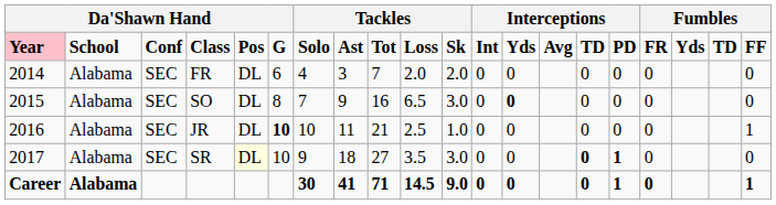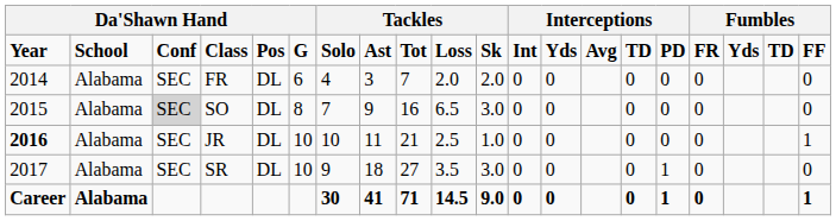 <table class="wikitable">
 <tr>
 <th colspan="6" style="text-align: center; font-weight:bold;">Da'Shawn Hand</th>
 <th colspan="5" style="font-weight:bold;">Tackles</th>
 <th colspan="5" style="font-weight:bold;">Interceptions</th>
 <th colspan="4" style="font-weight:bold;">Fumbles</th>
 </tr>
 <tr>
-<td style="background: pink; font-weight:bold;">Year</td>
+<td style="font-weight:bold;">Year</td>
 <td style="font-weight:bold;">School</td>
 <td style="font-weight:bold;">Conf</td>
 <td style="font-weight:bold;">Class</td>
 <td style="font-weight:bold;">Pos</td>
 <td style="font-weight:bold;">G</td>
 <td style="font-weight:bold;">Solo</td>
 <td style="font-weight:bold;">Ast</td>
 <td style="font-weight:bold;">Tot</td>
 <td style="font-weight:bold;">Loss</td>
 <td style="font-weight:bold;">Sk</td>
 <td style="font-weight:bold;">Int</td>
 <td style="font-weight:bold;">Yds</td>
 <td style="font-weight:bold;">Avg</td>
 <td style="font-weight:bold;">TD</td>
 <td style="font-weight:bold;">PD</td>
 <td style="font-weight:bold;">FR</td>
 <td style="font-weight:bold;">Yds</td>
 <td style="font-weight:bold;">TD</td>
 <td style="font-weight:bold;">FF</td>
 </tr>
 <tr>
 <td>2014</td>
 <td>Alabama</td>
 <td>SEC</td>
 <td>FR</td>
 <td>DL</td>
 <td>6</td>
 <td>4</td>
 <td>3</td>
 <td>7</td>
 <td>2.0</td>
 <td>2.0</td>
 <td>0</td>
 <td>0</td>
 <td></td>
 <td>0</td>
 <td>0</td>
 <td>0</td>
 <td></td>
 <td></td>
 <td>0</td>
 </tr>
 <tr>
 <td>2015</td>
 <td>Alabama</td>
-<td>SEC</td>
+<td style="background: lightgrey;">SEC</td>
 <td>SO</td>
 <td>DL</td>
 <td>8</td>
 <td>7</td>
 <td>9</td>
 <td>16</td>
 <td>6.5</td>
 <td>3.0</td>
 <td>0</td>
-<td><strong>0</strong></td>
+<td>0</td>
 <td></td>
 <td>0</td>
 <td>0</td>
 <td>0</td>
 <td></td>
 <td></td>
 <td>0</td>
 </tr>
 <tr>
-<td>2016</td>
+<td><strong>2016</strong></td>
 <td>Alabama</td>
 <td>SEC</td>
 <td>JR</td>
 <td>DL</td>
-<td><strong>10</strong></td>
+<td>10</td>
 <td>10</td>
 <td>11</td>
 <td>21</td>
 <td>2.5</td>
 <td>1.0</td>
 <td>0</td>
 <td>0</td>
 <td></td>
 <td>0</td>
 <td>0</td>
 <td>0</td>
 <td></td>
 <td></td>
 <td>1</td>
 </tr>
 <tr>
 <td>2017</td>
 <td>Alabama</td>
 <td>SEC</td>
 <td>SR</td>
-<td style="background: lightyellow;">DL</td>
+<td>DL</td>
 <td>10</td>
 <td>9</td>
 <td>18</td>
 <td>27</td>
 <td>3.5</td>
 <td>3.0</td>
 <td>0</td>
 <td>0</td>
 <td></td>
-<td><strong>0</strong></td>
-<td><strong>1</strong></td>
+<td>0</td>
+<td>1</td>
 <td>0</td>
 <td></td>
 <td></td>
 <td>0</td>
 </tr>
 <tr>
 <td style="font-weight:bold;">Career</td>
 <td style="font-weight:bold;">Alabama</td>
 <td style="font-weight:bold;"></td>
 <td style="font-weight:bold;"></td>
 <td style="font-weight:bold;"></td>
 <td style="font-weight:bold;"></td>
 <td style="font-weight:bold;">30</td>
 <td style="font-weight:bold;">41</td>
 <td style="font-weight:bold;">71</td>
 <td style="font-weight:bold;">14.5</td>
 <td style="font-weight:bold;">9.0</td>
 <td style="font-weight:bold;">0</td>
 <td style="font-weight:bold;">0</td>
 <td style="font-weight:bold;"></td>
 <td style="font-weight:bold;">0</td>
 <td style="font-weight:bold;">1</td>
 <td style="font-weight:bold;">0</td>
 <td style="font-weight:bold;"></td>
 <td style="font-weight:bold;"></td>
 <td style="font-weight:bold;">1</td>
 </tr>
 </table>
